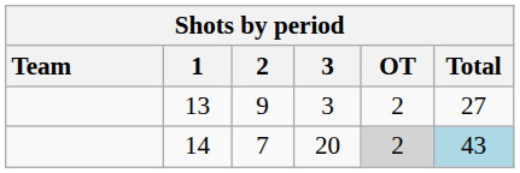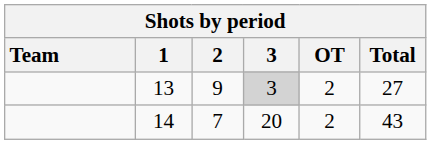 <table class="wikitable" style="width:20em; text-align:right;">
 <tr>
 <th colspan=6>Shots by period</th>
 </tr>
 <tr>
 <th style="width:8em; text-align:left;">Team</th>
 <th style="width:3em;">1</th>
 <th style="width:3em;">2</th>
 <th style="width:3em;">3</th>
 <th style="width:3em;">OT</th>
 <th style="width:3em;">Total</th>
 </tr>
 <tr>
 <td style="text-align:left;"></td>
 <td align=center>13</td>
 <td align=center>9</td>
-<td align=center>3</td>
+<td align=center style="background: lightgrey;">3</td>
 <td align=center>2</td>
 <td align=center>27</td>
 </tr>
 <tr>
 <td style="text-align:left;"></td>
 <td align=center>14</td>
 <td align=center>7</td>
 <td align=center>20</td>
-<td align=center style="background: lightgrey;">2</td>
-<td align=center style="background: lightblue;">43</td>
+<td align=center>2</td>
+<td align=center>43</td>
 </tr>
 </table>
